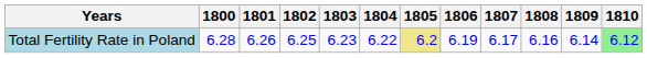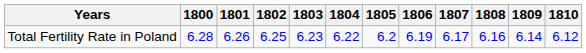 <table class="wikitable " style="text-align:right">
 <tr>
 <th>Years</th>
 <th>1800</th>
 <th>1801</th>
 <th>1802</th>
 <th>1803</th>
 <th>1804</th>
 <th>1805</th>
 <th>1806</th>
 <th>1807</th>
 <th>1808</th>
 <th>1809</th>
 <th>1810</th>
 </tr>
 <tr>
-<td align="left" style="background: lightblue;">Total Fertility Rate in Poland</td>
+<td align="left">Total Fertility Rate in Poland</td>
 <td style="text-align:right; color:blue;">6.28</td>
 <td style="text-align:right; color:blue;">6.26</td>
 <td style="text-align:right; color:blue;">6.25</td>
 <td style="text-align:right; color:blue;">6.23</td>
 <td style="text-align:right; color:blue;">6.22</td>
-<td style="background: khaki; text-align:right; color:blue;">6.2</td>
+<td style="text-align:right; color:blue;">6.2</td>
 <td style="text-align:right; color:blue;">6.19</td>
 <td style="text-align:right; color:blue;">6.17</td>
 <td style="text-align:right; color:blue;">6.16</td>
 <td style="text-align:right; color:blue;">6.14</td>
-<td style="background: lightgreen; text-align:right; color:blue;">6.12</td>
+<td style="text-align:right; color:blue;">6.12</td>
 </tr>
 </table>
